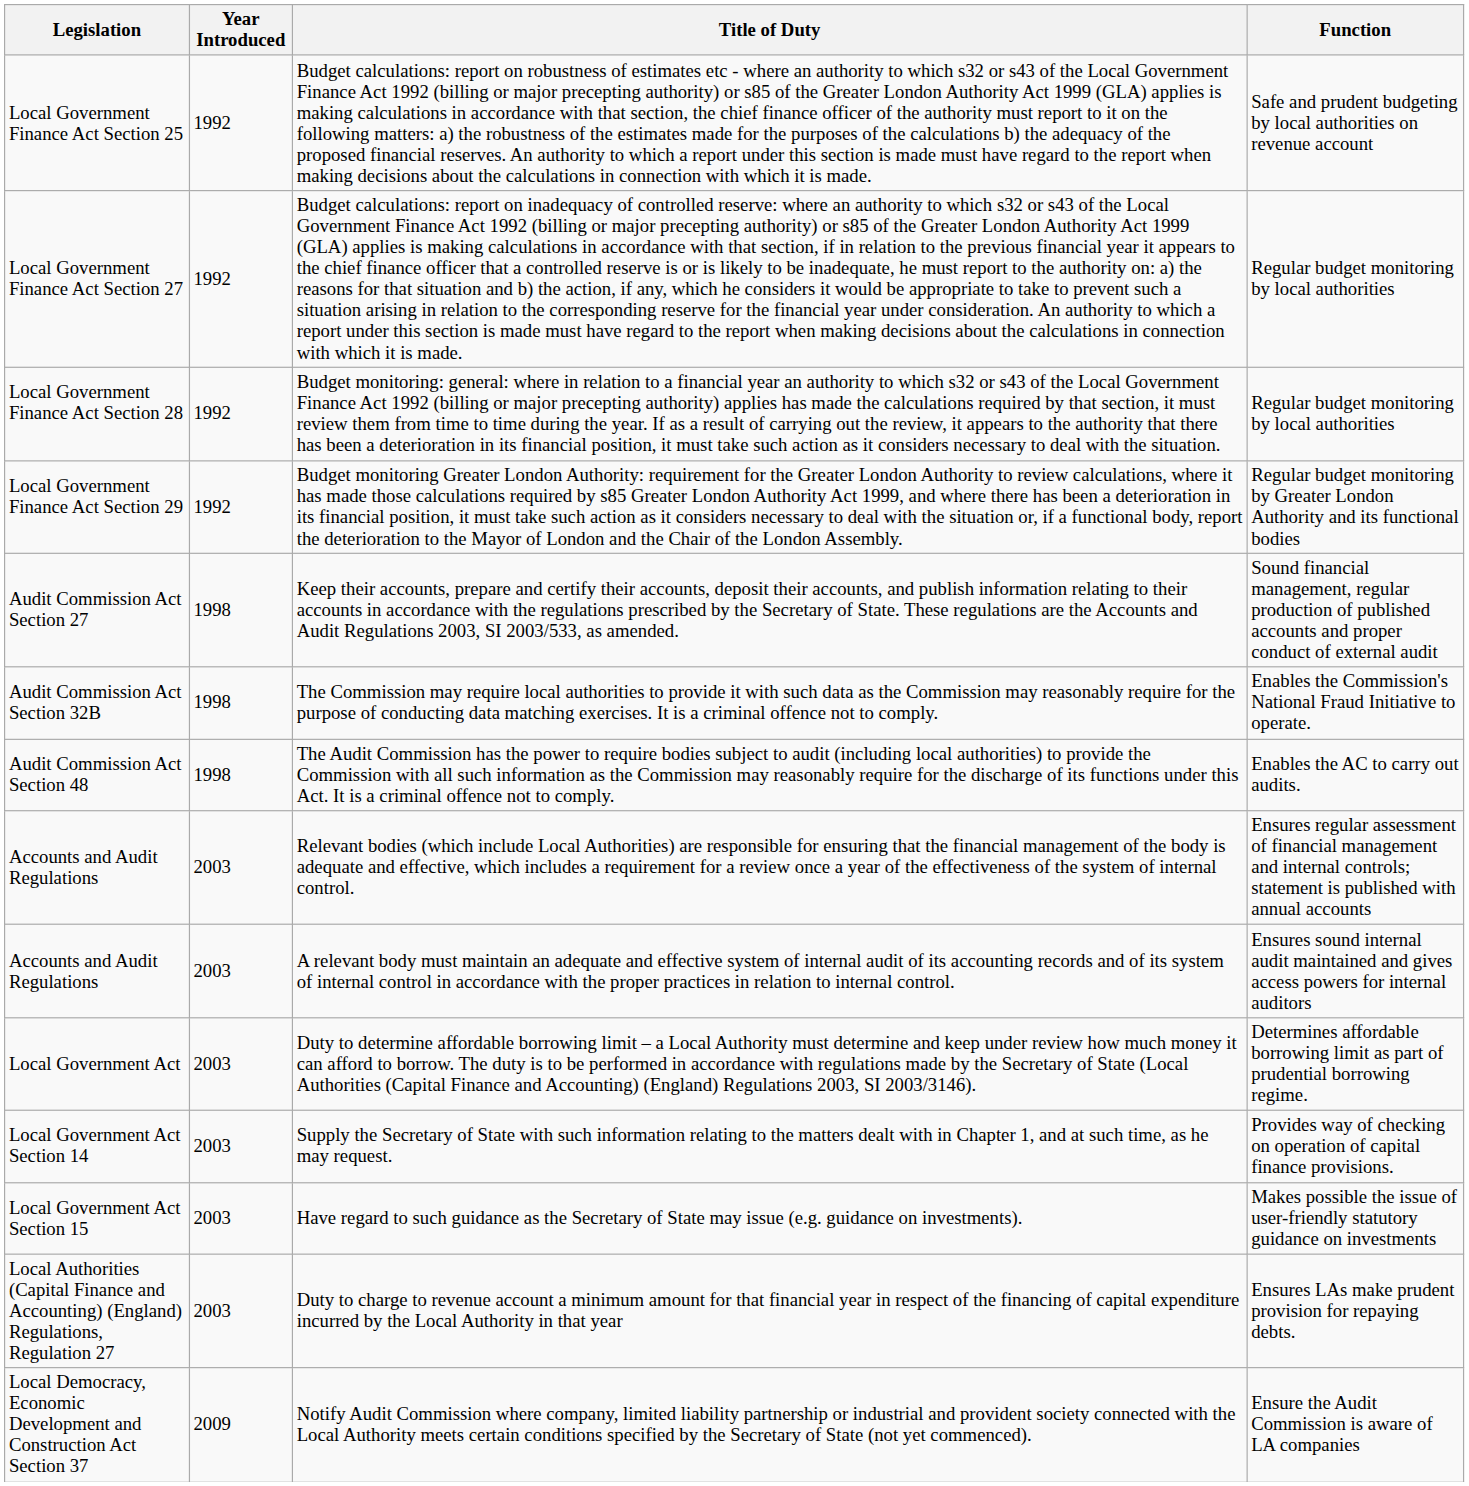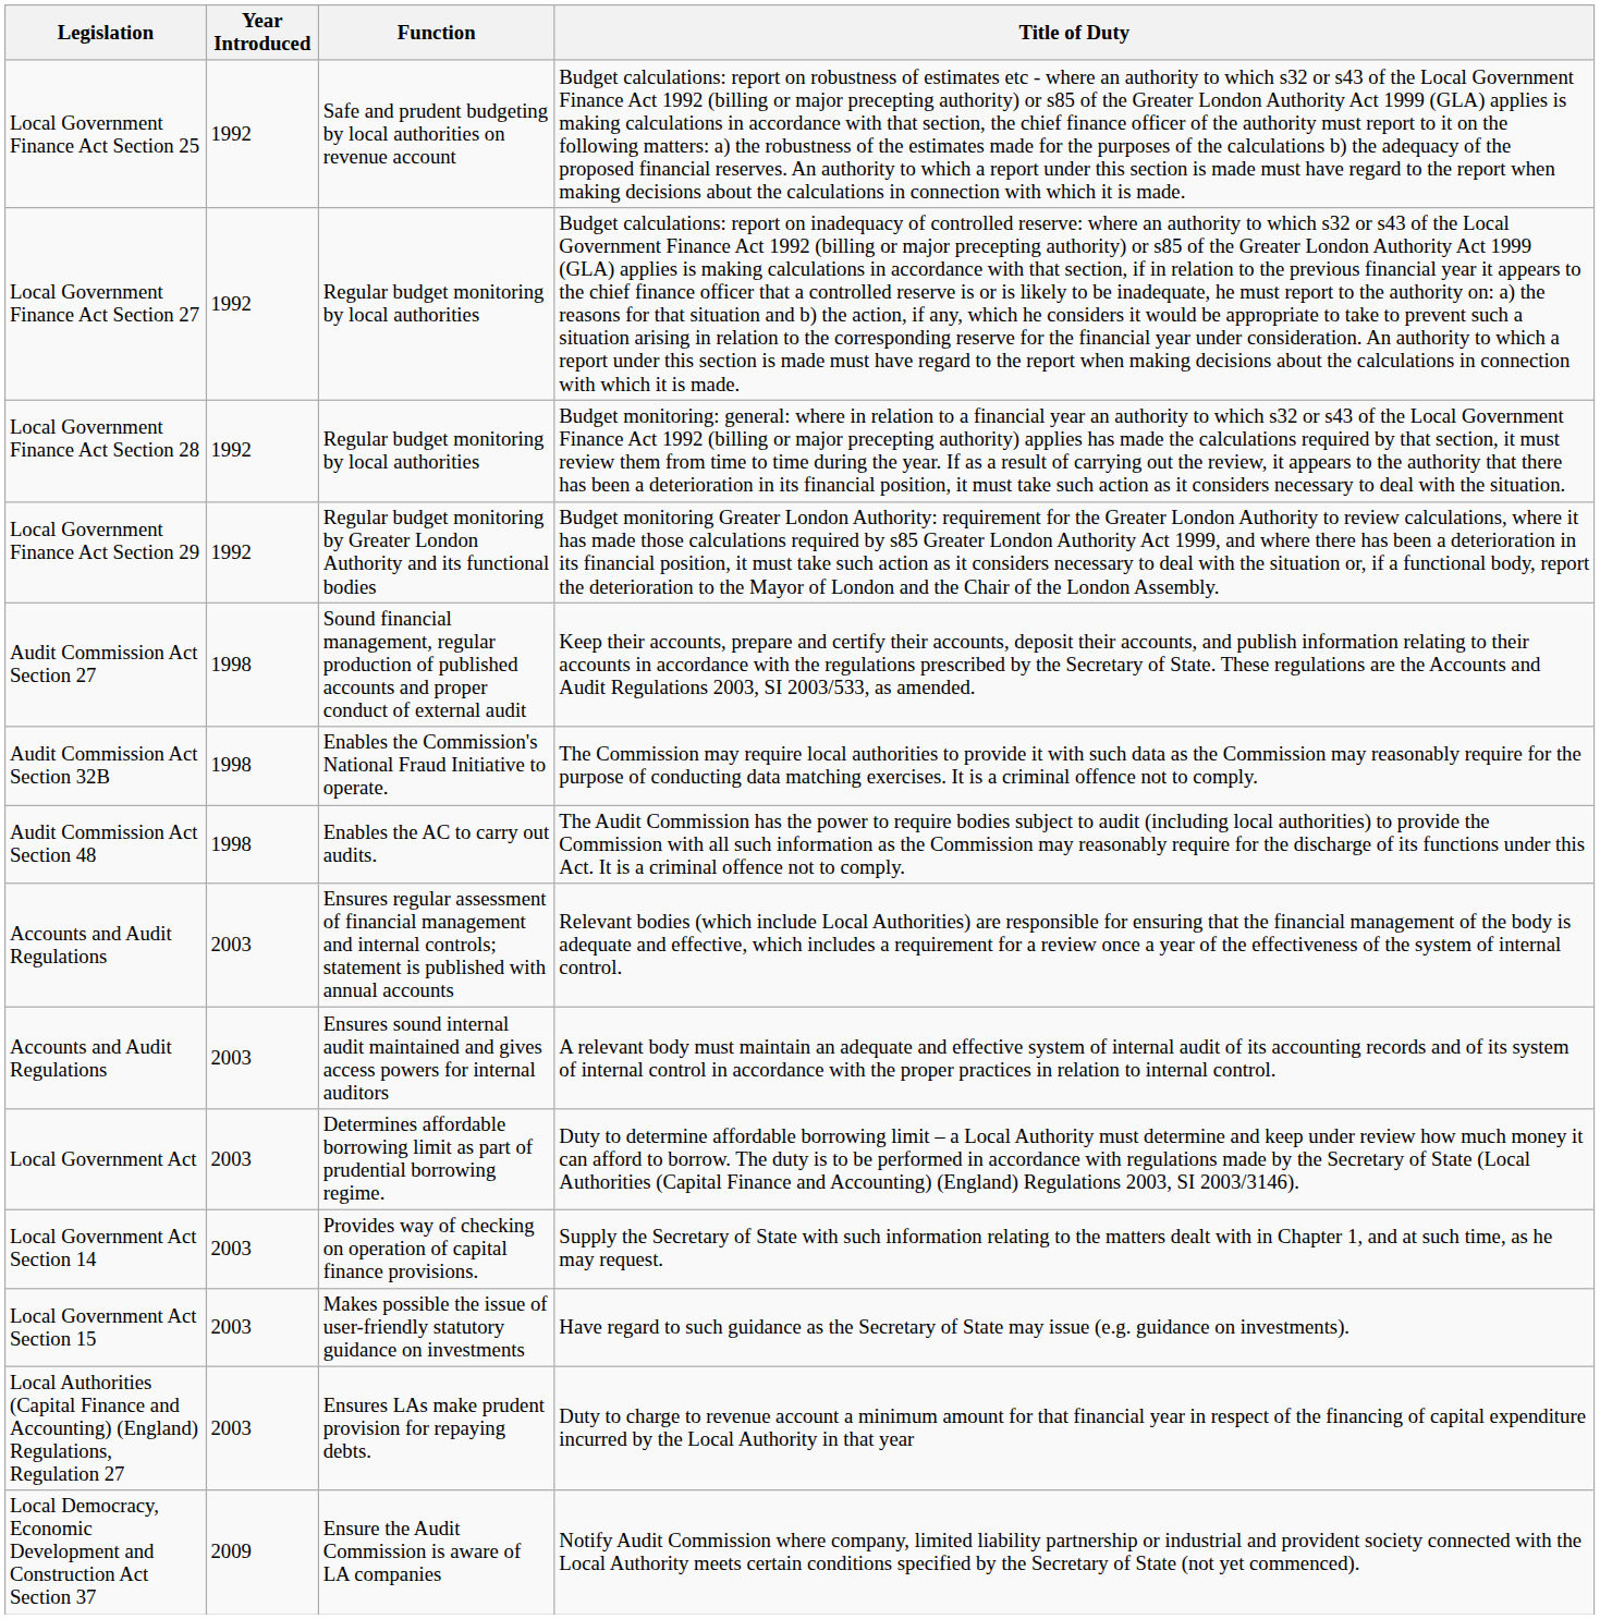 <table class="wikitable sortable mw-collapsible mw-collapsed">
 <tr>
 <th>Legislation</th>
 <th>Year Introduced</th>
+<th>Function</th>
 <th>Title of Duty</th>
-<th>Function</th>
 </tr>
 <tr>
 <td>Local Government Finance Act Section 25</td>
 <td>1992</td>
+<td>Safe and prudent budgeting by local authorities on revenue account</td>
 <td>Budget calculations: report on robustness of estimates etc - where an authority to which s32 or s43 of the Local Government Finance Act 1992 (billing or major precepting authority) or s85 of the Greater London Authority Act 1999 (GLA) applies is making calculations in accordance with that section, the chief finance officer of the authority must report to it on the following matters: a) the robustness of the estimates made for the purposes of the calculations b) the adequacy of the proposed financial reserves. An authority to which  a report under this section is made must have regard to the report when  making decisions about the calculations in connection with which it is made.</td>
-<td>Safe and prudent budgeting by local authorities on revenue account</td>
 </tr>
 <tr>
 <td>Local Government Finance Act Section 27</td>
 <td>1992</td>
+<td>Regular budget monitoring by local authorities</td>
 <td>Budget calculations: report on inadequacy of controlled reserve: where an authority to which s32 or s43 of the Local Government Finance Act 1992 (billing or  major precepting authority) or s85 of the Greater London Authority Act 1999 (GLA) applies is making calculations in accordance with that section, if in relation to the previous financial year it appears to the chief finance officer that a controlled reserve is or is likely to be inadequate, he must report to the authority on: a) the reasons for that situation and b) the action, if any, which he considers it would be appropriate to take to prevent such a situation arising in relation to the corresponding reserve for the  financial year under consideration. An authority to which a report under this section is made must have regard to the report when making decisions about  the calculations in connection with which it is made.</td>
-<td>Regular budget monitoring by local authorities</td>
 </tr>
 <tr>
 <td>Local Government Finance Act Section 28  </td>
 <td>1992</td>
+<td>Regular budget monitoring by local authorities</td>
 <td>Budget monitoring: general: where in relation to a financial year an authority to  which s32 or s43 of the Local Government Finance Act 1992 (billing or major  precepting authority) applies has made the calculations required by that section, it must review them from time to time during the year. If as a result of carrying out the review, it appears to the authority that there has  been a deterioration in its financial position, it must take such action as it considers necessary to deal with the situation.</td>
-<td>Regular budget monitoring by local authorities</td>
 </tr>
 <tr>
 <td>Local Government Finance Act Section 29  </td>
 <td>1992</td>
+<td>Regular budget monitoring by Greater London Authority and its functional bodies</td>
 <td>Budget  monitoring Greater London Authority: requirement for the Greater London Authority to review calculations, where it has made those calculations required by s85 Greater London Authority Act 1999, and where there has been a deterioration in its financial position, it must take such action as it considers necessary to deal with the situation or, if a functional body, report the deterioration to the Mayor of London and the Chair of the London Assembly.</td>
-<td>Regular budget monitoring by Greater London Authority and its functional bodies</td>
 </tr>
 <tr>
 <td>Audit Commission Act Section 27</td>
 <td>1998</td>
+<td>Sound financial management, regular production of published accounts and proper conduct of external audit</td>
 <td>Keep their accounts, prepare and certify their accounts, deposit their accounts, and publish information relating to their accounts in accordance with the regulations prescribed by the Secretary of State. These regulations are the Accounts and Audit Regulations 2003, SI 2003/533, as amended.</td>
-<td>Sound financial management, regular production of published accounts and proper conduct of external audit</td>
 </tr>
 <tr>
 <td>Audit Commission Act Section 32B</td>
 <td>1998</td>
+<td>Enables the Commission's National Fraud Initiative to operate.</td>
 <td>The  Commission may require local authorities to provide it with such data as the Commission may reasonably require for the purpose of conducting data matching  exercises. It is a criminal offence not to comply.</td>
-<td>Enables the Commission's National Fraud Initiative to operate.</td>
 </tr>
 <tr>
 <td>Audit Commission Act Section 48</td>
 <td>1998</td>
+<td>Enables the AC to carry out audits.</td>
 <td>The  Audit Commission has the power to require bodies subject to audit (including  local authorities) to provide the Commission with all such information as the  Commission may reasonably require for the discharge of its functions under  this Act. It is a criminal offence not to comply.</td>
-<td>Enables the AC to carry out audits.</td>
 </tr>
 <tr>
 <td>Accounts and Audit Regulations</td>
 <td>2003</td>
+<td>Ensures regular assessment of financial management and internal controls; statement is published with annual accounts</td>
 <td>Relevant  bodies (which include Local Authorities) are responsible for ensuring that  the financial management of the body is adequate and effective, which includes a requirement for a review once a year of the effectiveness of the system of internal control.</td>
-<td>Ensures regular assessment of financial management and internal controls; statement is published with annual accounts</td>
 </tr>
 <tr>
 <td>Accounts and Audit Regulations</td>
 <td>2003</td>
+<td>Ensures sound internal audit maintained and gives access powers for internal auditors</td>
 <td>A  relevant body must maintain an adequate and effective system of internal audit of its accounting records and of its system of internal control in  accordance with the proper practices in relation to internal control.</td>
-<td>Ensures sound internal audit maintained and gives access powers for internal auditors</td>
 </tr>
 <tr>
 <td>Local Government Act</td>
 <td>2003</td>
+<td>Determines  affordable borrowing limit as part of prudential borrowing regime.</td>
 <td>Duty  to determine affordable borrowing limit – a Local Authority must determine  and keep under review how much money it can afford to borrow. The duty is to  be performed in accordance with regulations made by the Secretary of State  (Local Authorities (Capital Finance and Accounting) (England) Regulations  2003, SI 2003/3146).</td>
-<td>Determines  affordable borrowing limit as part of prudential borrowing regime.</td>
 </tr>
 <tr>
 <td>Local Government Act Section 14</td>
 <td>2003</td>
+<td>Provides way of checking on operation of capital finance provisions.</td>
 <td>Supply the Secretary of State with such information relating to the matters dealt  with in Chapter 1, and at such time, as he may request.</td>
-<td>Provides way of checking on operation of capital finance provisions.</td>
 </tr>
 <tr>
 <td>Local Government Act Section 15</td>
 <td>2003</td>
+<td>Makes possible the issue of user-friendly statutory guidance on investments</td>
 <td>Have  regard to such guidance as the Secretary of State may issue (e.g. guidance on  investments).</td>
-<td>Makes possible the issue of user-friendly statutory guidance on investments</td>
 </tr>
 <tr>
 <td>Local Authorities (Capital Finance and Accounting) (England)  Regulations, Regulation 27</td>
 <td>2003</td>
+<td>Ensures LAs make prudent provision for repaying debts.</td>
 <td>Duty  to charge to revenue account a minimum amount for that financial year in  respect of the financing of capital expenditure incurred by the Local  Authority in that year</td>
-<td>Ensures LAs make prudent provision for repaying debts.</td>
 </tr>
 <tr>
 <td>Local Democracy, Economic Development and Construction Act Section 37</td>
 <td>2009</td>
+<td>Ensure the Audit Commission is aware of LA companies</td>
 <td>Notify Audit Commission where company, limited liability partnership or industrial  and provident society connected with the Local Authority meets certain  conditions specified by the Secretary of State (not yet commenced).</td>
-<td>Ensure the Audit Commission is aware of LA companies</td>
 </tr>
 </table>
